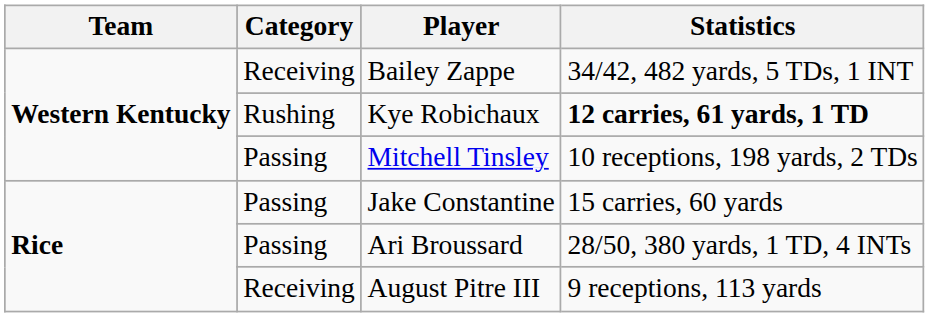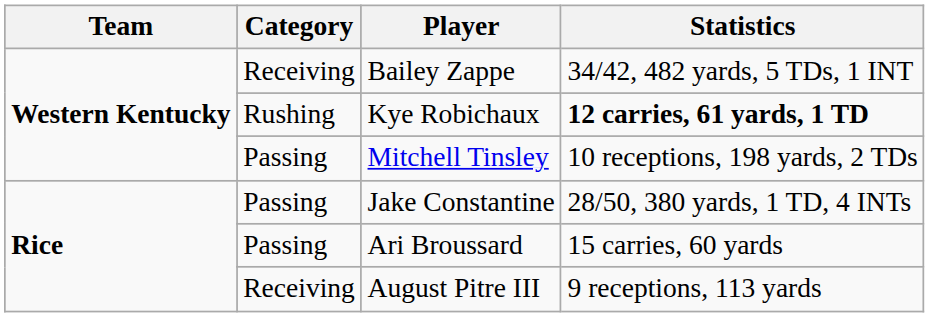 <table class="wikitable" style="float: left;">
 <tr>
 <th>Team</th>
 <th>Category</th>
 <th>Player</th>
 <th>Statistics</th>
 </tr>
 <tr>
 <td rowspan=3><strong>Western Kentucky</strong></td>
 <td>Receiving</td>
 <td>Bailey Zappe</td>
 <td>34/42, 482 yards, 5 TDs, 1 INT</td>
 </tr>
 <tr>
 <td>Rushing</td>
 <td>Kye Robichaux</td>
 <td><strong>12 carries, 61 yards, 1 TD</strong></td>
 </tr>
 <tr>
 <td>Passing</td>
 <td><a href='#'>Mitchell Tinsley</a></td>
 <td>10 receptions, 198 yards, 2 TDs</td>
 </tr>
 <tr>
 <td rowspan=3><strong>Rice</strong></td>
 <td>Passing</td>
 <td>Jake Constantine</td>
-<td>15 carries, 60 yards</td>
+<td>28/50, 380 yards, 1 TD, 4 INTs</td>
 </tr>
 <tr>
 <td>Passing</td>
 <td>Ari Broussard</td>
-<td>28/50, 380 yards, 1 TD, 4 INTs</td>
+<td>15 carries, 60 yards</td>
 </tr>
 <tr>
 <td>Receiving</td>
 <td>August Pitre III</td>
 <td>9 receptions, 113 yards</td>
 </tr>
 </table>
